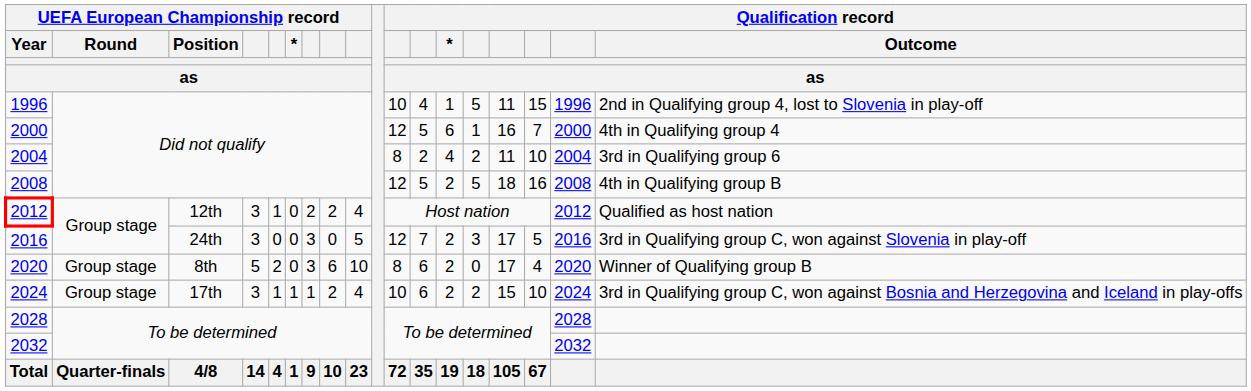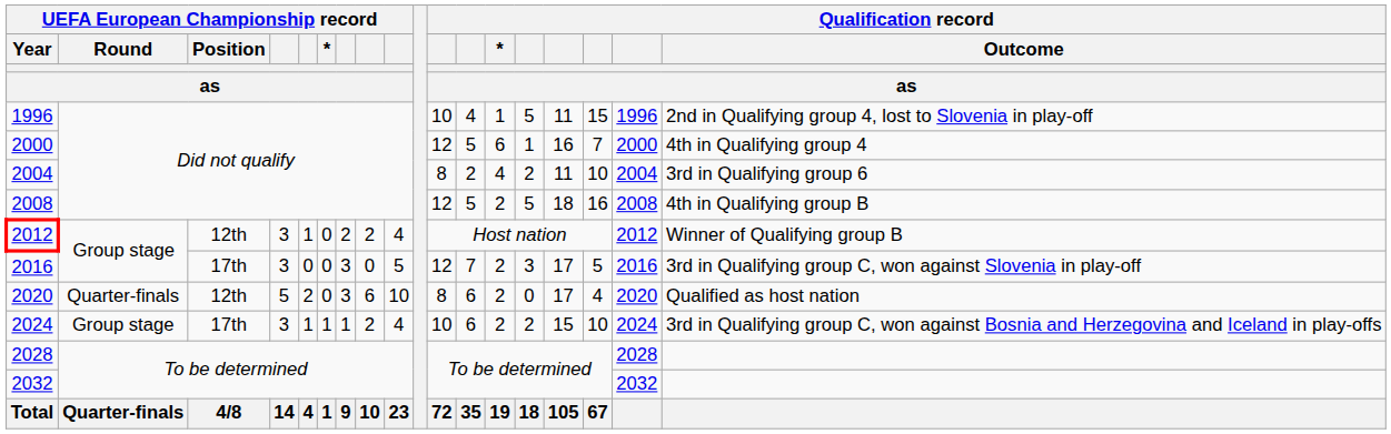 <table class="wikitable" style="text-align: center;">
 <tr>
 <th colspan=9><a href='#'>UEFA European Championship</a> record</th>
 <th style="width:1%;" rowspan="23"></th>
 <th colspan=8><a href='#'>Qualification</a> record</th>
 </tr>
 <tr>
 <th>Year</th>
 <th>Round</th>
 <th>Position</th>
 <th></th>
 <th></th>
 <th>*</th>
 <th></th>
 <th></th>
 <th></th>
 <th></th>
 <th></th>
 <th>*</th>
 <th></th>
 <th></th>
 <th></th>
 <th></th>
 <th>Outcome</th>
 </tr>
 <tr>
 <th colspan=9></th>
 <th colspan=8></th>
 </tr>
 <tr>
 <th colspan=9>as </th>
 <th colspan=8>as </th>
 </tr>
 <tr>
 <td> <a href='#'>1996</a></td>
 <td rowspan=4 colspan=8><em>Did not qualify</em></td>
 <td>10</td>
 <td>4</td>
 <td>1</td>
 <td>5</td>
 <td>11</td>
 <td>15</td>
 <td><a href='#'>1996</a></td>
 <td align=left>2nd in Qualifying group 4, lost to <a href='#'>Slovenia</a> in play-off</td>
 </tr>
 <tr>
 <td>  <a href='#'>2000</a></td>
 <td>12</td>
 <td>5</td>
 <td>6</td>
 <td>1</td>
 <td>16</td>
 <td>7</td>
 <td><a href='#'>2000</a></td>
 <td align=left>4th in Qualifying group 4</td>
 </tr>
 <tr>
 <td> <a href='#'>2004</a></td>
 <td>8</td>
 <td>2</td>
 <td>4</td>
 <td>2</td>
 <td>11</td>
 <td>10</td>
 <td><a href='#'>2004</a></td>
 <td align=left>3rd in Qualifying group 6</td>
 </tr>
 <tr>
 <td>  <a href='#'>2008</a></td>
 <td>12</td>
 <td>5</td>
 <td>2</td>
 <td>5</td>
 <td>18</td>
 <td>16</td>
 <td><a href='#'>2008</a></td>
 <td align=left>4th in Qualifying group B</td>
 </tr>
 <tr>
 <td style="border: 3px solid red">  <a href='#'>2012</a></td>
 <td rowspan=2>Group stage</td>
 <td>12th</td>
 <td>3</td>
 <td>1</td>
 <td>0</td>
 <td>2</td>
 <td>2</td>
 <td>4</td>
 <td colspan=6><em>Host nation</em></td>
 <td><a href='#'>2012</a></td>
-<td align=left>Qualified as host nation</td>
+<td align=left>Winner of Qualifying group B</td>
 </tr>
 <tr>
 <td> <a href='#'>2016</a></td>
-<td>24th</td>
+<td>17th</td>
 <td>3</td>
 <td>0</td>
 <td>0</td>
 <td>3</td>
 <td>0</td>
 <td>5</td>
 <td>12</td>
 <td>7</td>
 <td>2</td>
 <td>3</td>
 <td>17</td>
 <td>5</td>
 <td><a href='#'>2016</a></td>
 <td align=left>3rd in Qualifying group C, won against <a href='#'>Slovenia</a> in play-off</td>
 </tr>
 <tr>
 <td> <a href='#'>2020</a></td>
-<td>Group stage</td>
-<td>8th</td>
+<td>Quarter-finals</td>
+<td>12th</td>
 <td>5</td>
 <td>2</td>
 <td>0</td>
 <td>3</td>
 <td>6</td>
 <td>10</td>
 <td>8</td>
 <td>6</td>
 <td>2</td>
 <td>0</td>
 <td>17</td>
 <td>4</td>
 <td><a href='#'>2020</a></td>
-<td align=left>Winner of Qualifying group B</td>
+<td align=left>Qualified as host nation</td>
 </tr>
 <tr>
 <td> <a href='#'>2024</a></td>
 <td>Group stage</td>
 <td>17th</td>
 <td>3</td>
 <td>1</td>
 <td>1</td>
 <td>1</td>
 <td>2</td>
 <td>4</td>
 <td>10</td>
 <td>6</td>
 <td>2</td>
 <td>2</td>
 <td>15</td>
 <td>10</td>
 <td><a href='#'>2024</a></td>
 <td align=left>3rd in Qualifying group C, won against <a href='#'>Bosnia and Herzegovina</a> and <a href='#'>Iceland</a> in play-offs</td>
 </tr>
 <tr>
 <td>  <a href='#'>2028</a></td>
 <td colspan=8 rowspan=2><em>To be determined</em></td>
 <td colspan=6 rowspan=2><em>To be determined</em></td>
 <td><a href='#'>2028</a></td>
 <td></td>
 </tr>
 <tr>
 <td>  <a href='#'>2032</a></td>
 <td><a href='#'>2032</a></td>
 <td></td>
 </tr>
 <tr>
 <th>Total</th>
 <th>Quarter-finals</th>
 <th>4/8</th>
 <th>14</th>
 <th>4</th>
 <th>1</th>
 <th>9</th>
 <th>10</th>
 <th>23</th>
 <th>72</th>
 <th>35</th>
 <th>19</th>
 <th>18</th>
 <th>105</th>
 <th>67</th>
 <th></th>
 <th></th>
 </tr>
 </table>
